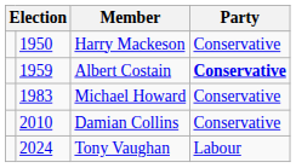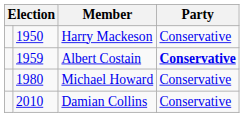 <table class="wikitable">
 <tr>
 <th colspan="2">Election</th>
 <th>Member</th>
 <th>Party</th>
 </tr>
 <tr>
 <td style="color:inherit;background-color: "></td>
 <td><a href='#'>1950</a></td>
 <td><a href='#'>Harry Mackeson</a></td>
 <td><a href='#'>Conservative</a></td>
 </tr>
 <tr |->
 <td style="color:inherit;background-color: "></td>
 <td><a href='#'>1959</a></td>
 <td><a href='#'>Albert Costain</a></td>
 <td><strong><a href='#'>Conservative</a></strong></td>
 </tr>
 <tr |->
 <td style="color:inherit;background-color: "></td>
-<td><a href='#'>1983</a></td>
+<td><a href='#'>1980</a></td>
 <td><a href='#'>Michael Howard</a></td>
 <td><a href='#'>Conservative</a></td>
 </tr>
 <tr |->
 <td style="color:inherit;background-color: "></td>
 <td><a href='#'>2010</a></td>
 <td><a href='#'>Damian Collins</a></td>
 <td><a href='#'>Conservative</a></td>
 </tr>
-<tr |->
-<td style="color:inherit;background-color: "></td>
-<td><a href='#'>2024</a></td>
-<td><a href='#'>Tony Vaughan</a></td>
-<td><a href='#'>Labour</a></td>
-</tr>
 </table>
